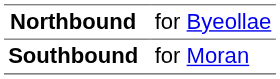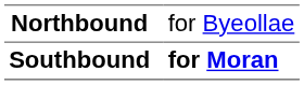 <table border="1" cellspacing="0" cellpadding="3" frame="hsides" rules="rows">
 <tr>
 <th>Northbound</th>
 <td></td>
 <td>for <a href='#'>Byeollae</a></td>
 </tr>
 <tr>
 <th>Southbound</th>
 <td></td>
-<td>for <a href='#'>Moran</a></td>
+<td><strong>for <a href='#'>Moran</a></strong></td>
 </tr>
 <tr>
 </tr>
 </table>
